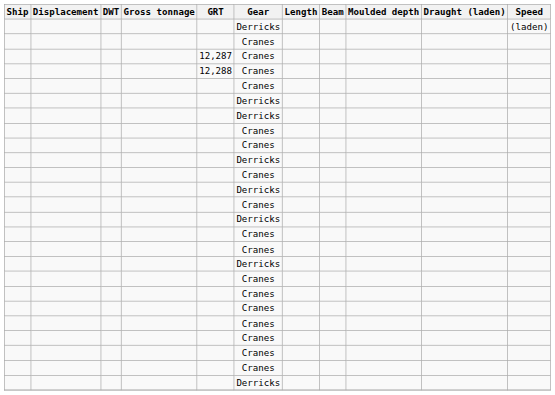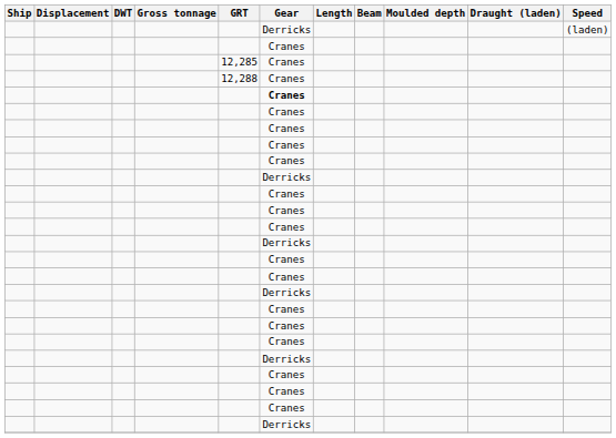 <table class="wikitable">
 <tr valign="top">
 <th align= center>Ship</th>
 <th align= center>Displacement</th>
 <th align= center>DWT</th>
 <th align= center>Gross tonnage</th>
 <th align= center>GRT</th>
 <th align= center>Gear</th>
 <th align= center>Length</th>
 <th align= center>Beam</th>
 <th align= center>Moulded depth</th>
 <th align= center>Draught (laden)</th>
 <th align= center>Speed</th>
 </tr>
 <tr valign="center">
 <td align= center></td>
 <td align= center></td>
 <td align= center></td>
 <td align= center></td>
 <td align= center></td>
 <td align= center>Derricks</td>
 <td align= center></td>
 <td align= center></td>
 <td align= center></td>
 <td align= center></td>
 <td align= center> (laden)</td>
 </tr>
 <tr>
 <td align= center></td>
 <td align= center></td>
 <td align= center></td>
 <td align= center></td>
 <td align= center></td>
 <td align= center>Cranes</td>
 <td align= center></td>
 <td align= center></td>
 <td align= center></td>
 <td align= center></td>
 <td align= center></td>
 </tr>
 <tr>
 <td align= center></td>
 <td align= center></td>
 <td align= center></td>
 <td align= center></td>
-<td align= center>12,287</td>
+<td align= center>12,285</td>
 <td align= center>Cranes</td>
 <td align= center></td>
 <td align= center></td>
 <td align= center></td>
 <td align= center></td>
 <td align= center></td>
 </tr>
 <tr>
 <td align= center></td>
 <td align= center></td>
 <td align= center></td>
 <td align= center></td>
 <td align= center>12,288</td>
 <td align= center>Cranes</td>
 <td align= center></td>
 <td align= center></td>
 <td align= center></td>
 <td align= center></td>
 <td align= center></td>
 </tr>
 <tr>
 <td align= center></td>
 <td align= center></td>
 <td align= center></td>
 <td align= center></td>
 <td align= center></td>
+<td align= center><strong>Cranes</strong></td>
+<td align= center></td>
+<td align= center></td>
+<td align= center></td>
+<td align= center></td>
+<td align= center></td>
+</tr>
+<tr>
+<td align= center></td>
+<td align= center></td>
+<td align= center></td>
+<td align= center></td>
+<td align= center></td>
 <td align= center>Cranes</td>
 <td align= center></td>
 <td align= center></td>
 <td align= center></td>
 <td align= center></td>
 <td align= center></td>
 </tr>
 <tr>
 <td align= center></td>
 <td align= center></td>
 <td align= center></td>
 <td align= center></td>
 <td align= center></td>
-<td align= center>Derricks</td>
-<td align= center></td>
-<td align= center></td>
-<td align= center></td>
-<td align= center></td>
-<td align= center></td>
-</tr>
-<tr>
-<td align= center></td>
-<td align= center></td>
-<td align= center></td>
-<td align= center></td>
-<td align= center></td>
-<td align= center>Derricks</td>
+<td align= center>Cranes</td>
 <td align= center></td>
 <td align= center></td>
 <td align= center></td>
 <td align= center></td>
 <td align= center></td>
 </tr>
 <tr>
 <td align= center></td>
 <td align= center></td>
 <td align= center></td>
 <td align= center></td>
 <td align= center></td>
 <td align= center>Cranes</td>
 <td align= center></td>
 <td align= center></td>
 <td align= center></td>
 <td align= center></td>
 <td align= center></td>
 </tr>
 <tr>
 <td align= center></td>
 <td align= center></td>
 <td align= center></td>
 <td align= center></td>
 <td align= center></td>
 <td align= center>Cranes</td>
 <td align= center></td>
 <td align= center></td>
 <td align= center></td>
 <td align= center></td>
 <td align= center></td>
 </tr>
 <tr>
 <td align= center></td>
 <td align= center></td>
 <td align= center></td>
 <td align= center></td>
 <td align= center></td>
 <td align= center>Derricks</td>
 <td align= center></td>
 <td align= center></td>
 <td align= center></td>
 <td align= center></td>
 <td align= center></td>
 </tr>
 <tr>
 <td align= center></td>
 <td align= center></td>
 <td align= center></td>
 <td align= center></td>
 <td align= center></td>
 <td align= center>Cranes</td>
 <td align= center></td>
 <td align= center></td>
 <td align= center></td>
 <td align= center></td>
 <td align= center></td>
 </tr>
 <tr>
 <td align= center></td>
 <td align= center></td>
 <td align= center></td>
 <td align= center></td>
 <td align= center></td>
-<td align= center>Derricks</td>
+<td align= center>Cranes</td>
 <td align= center></td>
 <td align= center></td>
 <td align= center></td>
 <td align= center></td>
 <td align= center></td>
 </tr>
 <tr>
 <td align= center></td>
 <td align= center></td>
 <td align= center></td>
 <td align= center></td>
 <td align= center></td>
 <td align= center>Cranes</td>
 <td align= center></td>
 <td align= center></td>
 <td align= center></td>
 <td align= center></td>
 <td align= center></td>
 </tr>
 <tr>
 <td align= center></td>
 <td align= center></td>
 <td align= center></td>
 <td align= center></td>
 <td align= center></td>
 <td align= center>Derricks</td>
 <td align= center></td>
 <td align= center></td>
 <td align= center></td>
 <td align= center></td>
 <td align= center></td>
 </tr>
 <tr>
 <td align= center></td>
 <td align= center></td>
 <td align= center></td>
 <td align= center></td>
 <td align= center></td>
 <td align= center>Cranes</td>
 <td align= center></td>
 <td align= center></td>
 <td align= center></td>
 <td align= center></td>
 <td align= center></td>
 </tr>
 <tr>
 <td align= center></td>
 <td align= center></td>
 <td align= center></td>
 <td align= center></td>
 <td align= center></td>
 <td align= center>Cranes</td>
 <td align= center></td>
 <td align= center></td>
 <td align= center></td>
 <td align= center></td>
 <td align= center></td>
 </tr>
 <tr>
 <td align= center></td>
 <td align= center></td>
 <td align= center></td>
 <td align= center></td>
 <td align= center></td>
 <td align= center>Derricks</td>
 <td align= center></td>
 <td align= center></td>
 <td align= center></td>
 <td align= center></td>
 <td align= center></td>
 </tr>
 <tr>
 <td align= center></td>
 <td align= center></td>
 <td align= center></td>
 <td align= center></td>
 <td align= center></td>
 <td align= center>Cranes</td>
 <td align= center></td>
 <td align= center></td>
 <td align= center></td>
 <td align= center></td>
 <td align= center></td>
 </tr>
 <tr>
 <td align= center></td>
 <td align= center></td>
 <td align= center></td>
 <td align= center></td>
 <td align= center></td>
 <td align= center>Cranes</td>
 <td align= center></td>
 <td align= center></td>
 <td align= center></td>
 <td align= center></td>
 <td align= center></td>
 </tr>
 <tr>
 <td align= center></td>
 <td align= center></td>
 <td align= center></td>
 <td align= center></td>
 <td align= center></td>
 <td align= center>Cranes</td>
 <td align= center></td>
 <td align= center></td>
 <td align= center></td>
 <td align= center></td>
 <td align= center></td>
 </tr>
 <tr>
 <td align= center></td>
 <td align= center></td>
 <td align= center></td>
 <td align= center></td>
 <td align= center></td>
-<td align= center>Cranes</td>
+<td align= center>Derricks</td>
 <td align= center></td>
 <td align= center></td>
 <td align= center></td>
 <td align= center></td>
 <td align= center></td>
 </tr>
 <tr>
 <td align= center></td>
 <td align= center></td>
 <td align= center></td>
 <td align= center></td>
 <td align= center></td>
 <td align= center>Cranes</td>
 <td align= center></td>
 <td align= center></td>
 <td align= center></td>
 <td align= center></td>
 <td align= center></td>
 </tr>
 <tr>
 <td align= center></td>
 <td align= center></td>
 <td align= center></td>
 <td align= center></td>
 <td align= center></td>
 <td align= center>Cranes</td>
 <td align= center></td>
 <td align= center></td>
 <td align= center></td>
 <td align= center></td>
 <td align= center></td>
 </tr>
 <tr>
 <td align= center></td>
 <td align= center></td>
 <td align= center></td>
 <td align= center></td>
 <td align= center></td>
 <td align= center>Cranes</td>
 <td align= center></td>
 <td align= center></td>
 <td align= center></td>
 <td align= center></td>
 <td align= center></td>
 </tr>
 <tr>
 <td align= center></td>
 <td align= center></td>
 <td align= center></td>
 <td align= center></td>
 <td align= center></td>
 <td align= center>Derricks</td>
 <td align= center></td>
 <td align= center></td>
 <td align= center></td>
 <td align= center></td>
 <td align= center></td>
 </tr>
 <tr>
 </tr>
 </table>
